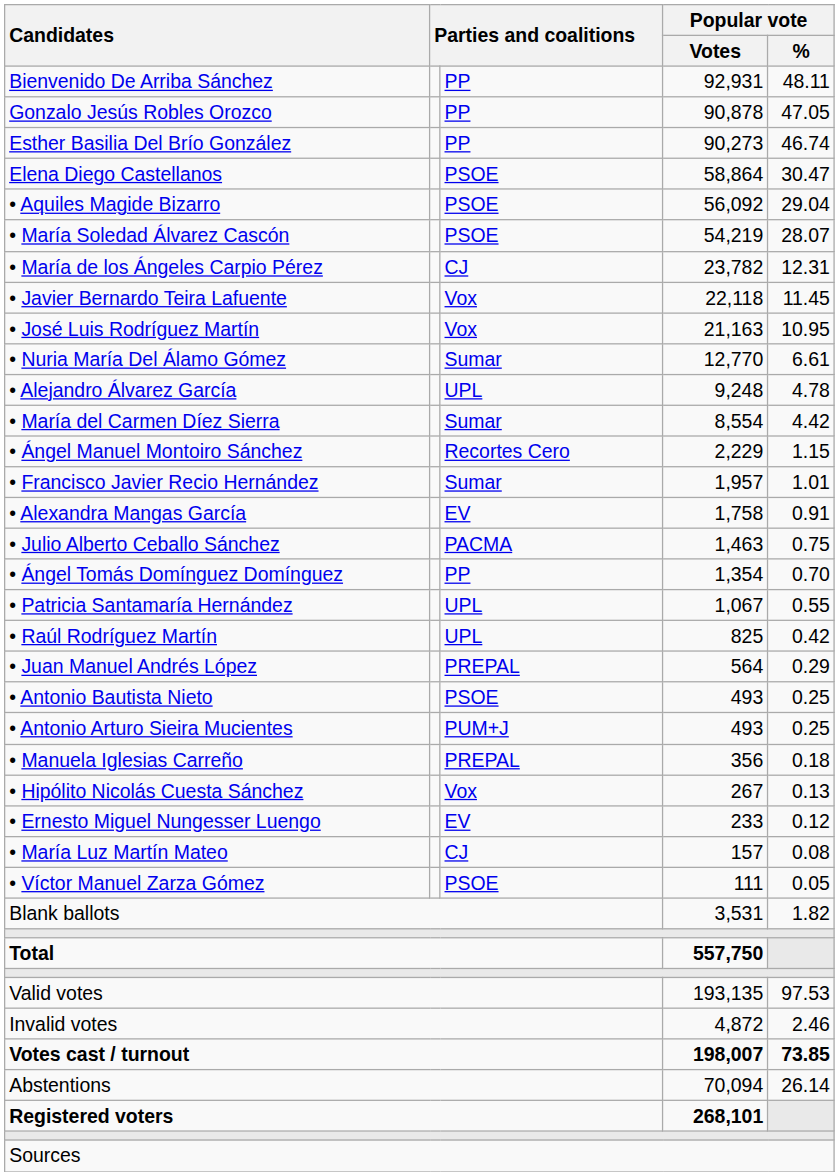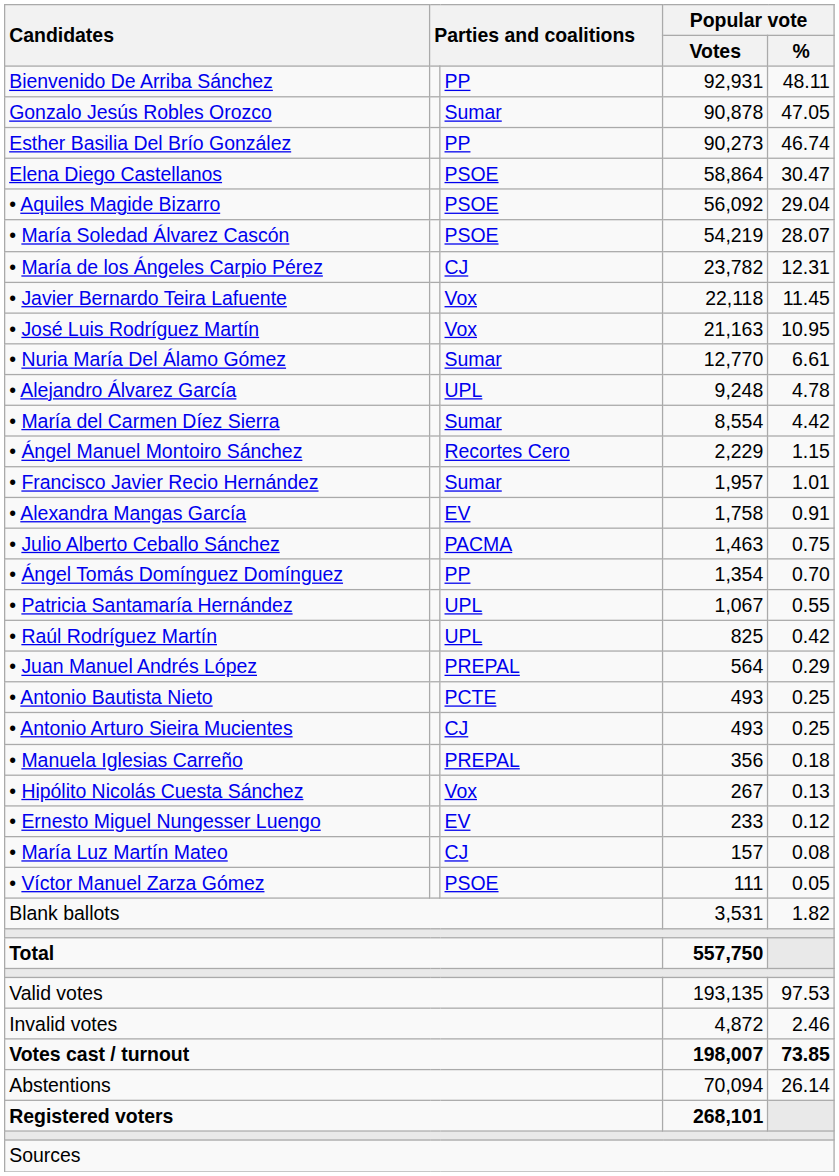 <table class="wikitable" style="text-align:right; font-size:95%;">
 <tr>
 <th style="text-align:left;" rowspan="2" width="325">Candidates</th>
 <th style="text-align:left;" rowspan="2" colspan="2" width="175">Parties and coalitions</th>
 <th colspan="2">Popular vote</th>
 </tr>
 <tr>
 <th width="75">Votes</th>
 <th width="45">%</th>
 </tr>
 <tr>
 <td align="left"> <a href='#'>Bienvenido De Arriba Sánchez</a></td>
 <td width="1" style="color:inherit;background:"></td>
 <td align="left"><a href='#'>PP</a></td>
 <td>92,931</td>
 <td>48.11</td>
 </tr>
 <tr>
 <td align="left"> <a href='#'>Gonzalo Jesús Robles Orozco</a></td>
 <td width="1" style="color:inherit;background:"></td>
-<td align="left"><a href='#'>PP</a></td>
+<td align="left"><a href='#'>Sumar</a></td>
 <td>90,878</td>
 <td>47.05</td>
 </tr>
 <tr>
 <td align="left"> <a href='#'>Esther Basilia Del Brío González</a></td>
 <td width="1" style="color:inherit;background:"></td>
 <td align="left"><a href='#'>PP</a></td>
 <td>90,273</td>
 <td>46.74</td>
 </tr>
 <tr>
 <td align="left"> <a href='#'>Elena Diego Castellanos</a></td>
 <td width="1" style="color:inherit;background:"></td>
 <td align="left"><a href='#'>PSOE</a></td>
 <td>58,864</td>
 <td>30.47</td>
 </tr>
 <tr>
 <td align="left">• <a href='#'>Aquiles Magide Bizarro</a></td>
 <td width="1" style="color:inherit;background:"></td>
 <td align="left"><a href='#'>PSOE</a></td>
 <td>56,092</td>
 <td>29.04</td>
 </tr>
 <tr>
 <td align="left">• <a href='#'>María Soledad Álvarez Cascón</a></td>
 <td width="1" style="color:inherit;background:"></td>
 <td align="left"><a href='#'>PSOE</a></td>
 <td>54,219</td>
 <td>28.07</td>
 </tr>
 <tr>
 <td align="left">• <a href='#'>María de los Ángeles Carpio Pérez</a></td>
 <td width="1" style="color:inherit;background:"></td>
 <td align="left"><a href='#'>CJ</a></td>
 <td>23,782</td>
 <td>12.31</td>
 </tr>
 <tr>
 <td align="left">• <a href='#'>Javier Bernardo Teira Lafuente</a></td>
 <td width="1" style="color:inherit;background:"></td>
 <td align="left"><a href='#'>Vox</a></td>
 <td>22,118</td>
 <td>11.45</td>
 </tr>
 <tr>
 <td align="left">• <a href='#'>José Luis Rodríguez Martín</a></td>
 <td width="1" style="color:inherit;background:"></td>
 <td align="left"><a href='#'>Vox</a></td>
 <td>21,163</td>
 <td>10.95</td>
 </tr>
 <tr>
 <td align="left">• <a href='#'>Nuria María Del Álamo Gómez</a></td>
 <td width="1" style="color:inherit;background:"></td>
 <td align="left"><a href='#'>Sumar</a></td>
 <td>12,770</td>
 <td>6.61</td>
 </tr>
 <tr>
 <td align="left">• <a href='#'>Alejandro Álvarez García</a></td>
 <td width="1" style="color:inherit;background:"></td>
 <td align="left"><a href='#'>UPL</a></td>
 <td>9,248</td>
 <td>4.78</td>
 </tr>
 <tr>
 <td align="left">• <a href='#'>María del Carmen Díez Sierra</a></td>
 <td width="1" style="color:inherit;background:"></td>
 <td align="left"><a href='#'>Sumar</a></td>
 <td>8,554</td>
 <td>4.42</td>
 </tr>
 <tr>
 <td align="left">• <a href='#'>Ángel Manuel Montoiro Sánchez</a></td>
 <td width="1" style="color:inherit;background:"></td>
 <td align="left"><a href='#'>Recortes Cero</a></td>
 <td>2,229</td>
 <td>1.15</td>
 </tr>
 <tr>
 <td align="left">• <a href='#'>Francisco Javier Recio Hernández</a></td>
 <td width="1" style="color:inherit;background:"></td>
 <td align="left"><a href='#'>Sumar</a></td>
 <td>1,957</td>
 <td>1.01</td>
 </tr>
 <tr>
 <td align="left">• <a href='#'>Alexandra Mangas García</a></td>
 <td width="1" style="color:inherit;background:"></td>
 <td align="left"><a href='#'>EV</a></td>
 <td>1,758</td>
 <td>0.91</td>
 </tr>
 <tr>
 <td align="left">• <a href='#'>Julio Alberto Ceballo Sánchez</a></td>
 <td width="1" style="color:inherit;background:"></td>
 <td align="left"><a href='#'>PACMA</a></td>
 <td>1,463</td>
 <td>0.75</td>
 </tr>
 <tr>
 <td align="left">• <a href='#'>Ángel Tomás Domínguez Domínguez</a></td>
 <td width="1" style="color:inherit;background:"></td>
 <td align="left"><a href='#'>PP</a></td>
 <td>1,354</td>
 <td>0.70</td>
 </tr>
 <tr>
 <td align="left">• <a href='#'>Patricia Santamaría Hernández</a></td>
 <td width="1" style="color:inherit;background:"></td>
 <td align="left"><a href='#'>UPL</a></td>
 <td>1,067</td>
 <td>0.55</td>
 </tr>
 <tr>
 <td align="left">• <a href='#'>Raúl Rodríguez Martín</a></td>
 <td width="1" style="color:inherit;background:"></td>
 <td align="left"><a href='#'>UPL</a></td>
 <td>825</td>
 <td>0.42</td>
 </tr>
 <tr>
 <td align="left">• <a href='#'>Juan Manuel Andrés López</a></td>
 <td width="1" style="color:inherit;background:"></td>
 <td align="left"><a href='#'>PREPAL</a></td>
 <td>564</td>
 <td>0.29</td>
 </tr>
 <tr>
 <td align="left">• <a href='#'>Antonio Bautista Nieto</a></td>
 <td width="1" style="color:inherit;background:"></td>
-<td align="left"><a href='#'>PSOE</a></td>
+<td align="left"><a href='#'>PCTE</a></td>
 <td>493</td>
 <td>0.25</td>
 </tr>
 <tr>
 <td align="left">• <a href='#'>Antonio Arturo Sieira Mucientes</a></td>
 <td width="1" style="color:inherit;background:"></td>
-<td align="left"><a href='#'>PUM+J</a></td>
+<td align="left"><a href='#'>CJ</a></td>
 <td>493</td>
 <td>0.25</td>
 </tr>
 <tr>
 <td align="left">• <a href='#'>Manuela Iglesias Carreño</a></td>
 <td width="1" style="color:inherit;background:"></td>
 <td align="left"><a href='#'>PREPAL</a></td>
 <td>356</td>
 <td>0.18</td>
 </tr>
 <tr>
 <td align="left">• <a href='#'>Hipólito Nicolás Cuesta Sánchez</a></td>
 <td width="1" style="color:inherit;background:"></td>
 <td align="left"><a href='#'>Vox</a></td>
 <td>267</td>
 <td>0.13</td>
 </tr>
 <tr>
 <td align="left">• <a href='#'>Ernesto Miguel Nungesser Luengo</a></td>
 <td width="1" style="color:inherit;background:"></td>
 <td align="left"><a href='#'>EV</a></td>
 <td>233</td>
 <td>0.12</td>
 </tr>
 <tr>
 <td align="left">• <a href='#'>María Luz Martín Mateo</a></td>
 <td width="1" style="color:inherit;background:"></td>
 <td align="left"><a href='#'>CJ</a></td>
 <td>157</td>
 <td>0.08</td>
 </tr>
 <tr>
 <td align="left">• <a href='#'>Víctor Manuel Zarza Gómez</a></td>
 <td width="1" style="color:inherit;background:"></td>
 <td align="left"><a href='#'>PSOE</a></td>
 <td>111</td>
 <td>0.05</td>
 </tr>
 <tr>
 <td align="left" colspan="3">Blank ballots</td>
 <td>3,531</td>
 <td>1.82</td>
 </tr>
 <tr>
 <td colspan="5" bgcolor="#E9E9E9"></td>
 </tr>
 <tr style="font-weight:bold;">
 <td align="left" colspan="3">Total</td>
 <td>557,750</td>
 <td bgcolor="#E9E9E9"></td>
 </tr>
 <tr>
 <td colspan="5" bgcolor="#E9E9E9"></td>
 </tr>
 <tr>
 <td align="left" colspan="3">Valid votes</td>
 <td>193,135</td>
 <td>97.53</td>
 </tr>
 <tr>
 <td align="left" colspan="3">Invalid votes</td>
 <td>4,872</td>
 <td>2.46</td>
 </tr>
 <tr style="font-weight:bold;">
 <td align="left" colspan="3">Votes cast / turnout</td>
 <td>198,007</td>
 <td>73.85</td>
 </tr>
 <tr>
 <td align="left" colspan="3">Abstentions</td>
 <td>70,094</td>
 <td>26.14</td>
 </tr>
 <tr style="font-weight:bold;">
 <td align="left" colspan="3">Registered voters</td>
 <td>268,101</td>
 <td bgcolor="#E9E9E9"></td>
 </tr>
 <tr>
 <td colspan="5" bgcolor="#E9E9E9"></td>
 </tr>
 <tr>
 <td align="left" colspan="5">Sources</td>
 </tr>
 </table>
